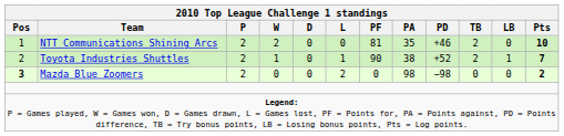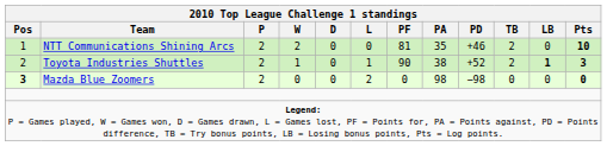 <table class="wikitable" style="text-align:center; font-size:100%; width:60%;">
 <tr>
 <th colspan="100%" cellpadding="0" cellspacing="0"><strong>2010 Top League Challenge 1 standings</strong></th>
 </tr>
 <tr>
 <th style="width:6%;">Pos</th>
 <th style="width:34%;">Team</th>
 <th style="width:6%;">P</th>
 <th style="width:6%;">W</th>
 <th style="width:6%;">D</th>
 <th style="width:6%;">L</th>
 <th style="width:6%;">PF</th>
 <th style="width:6%;">PA</th>
 <th style="width:6%;">PD</th>
 <th style="width:6%;">TB</th>
 <th style="width:6%;">LB</th>
 <th style="width:6%;">Pts<br></th>
 </tr>
 <tr style="background:#D0F0C0;">
 <td>1</td>
 <td style="text-align:left;"><a href='#'>NTT Communications Shining Arcs</a></td>
 <td>2</td>
 <td>2</td>
 <td>0</td>
 <td>0</td>
 <td>81</td>
 <td>35</td>
 <td>+46</td>
 <td>2</td>
 <td>0</td>
 <td><strong>10</strong></td>
 </tr>
 <tr style="background:#D0F0C0;">
 <td>2</td>
 <td style="text-align:left;"><a href='#'>Toyota Industries Shuttles</a></td>
 <td>2</td>
 <td>1</td>
 <td>0</td>
 <td>1</td>
 <td>90</td>
 <td>38</td>
 <td>+52</td>
 <td>2</td>
-<td>1</td>
-<td><strong>7</strong></td>
+<td><strong>1</strong></td>
+<td><strong>3</strong></td>
 </tr>
 <tr style="background:#E8FFD8;">
 <td><strong>3</strong></td>
 <td style="text-align:left;"><a href='#'>Mazda Blue Zoomers</a></td>
 <td>2</td>
 <td>0</td>
 <td>0</td>
 <td>2</td>
 <td>0</td>
 <td>98</td>
 <td>−98</td>
 <td>0</td>
 <td>0</td>
-<td><strong>2</strong></td>
+<td><strong>0</strong></td>
 </tr>
 <tr>
 <td colspan="100%" style="height:10px;"></td>
 </tr>
 <tr>
 <td colspan="100%"><small><strong>Legend:</strong> <br> P = Games played, W = Games won, D = Games drawn, L = Games lost, PF = Points for, PA = Points against, PD = Points difference, TB = Try bonus points, LB = Losing bonus points, Pts = Log points.</small></td>
 </tr>
 </table>
